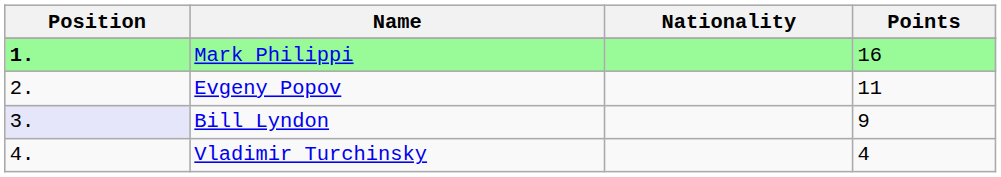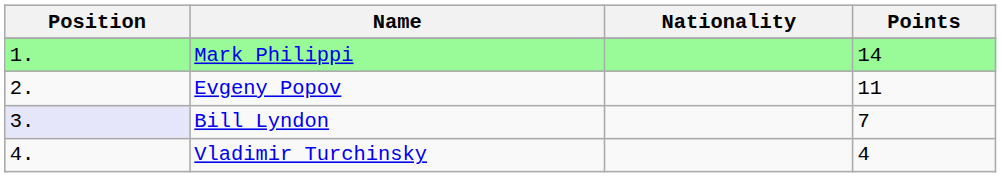 <table class="wikitable" style="display: inline-table; width: 50%;">
 <tr>
 <th>Position</th>
 <th>Name</th>
 <th>Nationality</th>
 <th>Points</th>
 </tr>
 <tr>
 </tr>
 <tr bgcolor=palegreen>
-<td><strong>1.</strong></td>
+<td>1.</td>
 <td><a href='#'>Mark Philippi</a></td>
 <td></td>
-<td>16</td>
+<td>14</td>
 </tr>
 <tr>
 <td>2.</td>
 <td><a href='#'>Evgeny Popov</a></td>
 <td></td>
 <td>11</td>
 </tr>
 <tr>
 <td style="background: lavender;">3.</td>
 <td><a href='#'>Bill Lyndon</a></td>
 <td></td>
-<td>9</td>
+<td>7</td>
 </tr>
 <tr>
 <td>4.</td>
 <td><a href='#'>Vladimir Turchinsky</a></td>
 <td></td>
 <td>4</td>
 </tr>
 </table>
